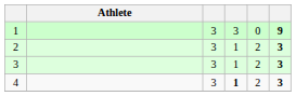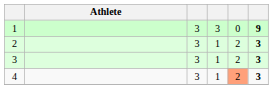 <table class="wikitable" style="text-align: center; font-size:100% ">
 <tr>
 <th width=25></th>
 <th width=250>Athlete</th>
 <th width=25></th>
 <th width=25></th>
 <th width=25></th>
 <th width=25></th>
 </tr>
 <tr bgcolor="ccffcc">
 <td>1</td>
 <td align=left></td>
 <td>3</td>
 <td>3</td>
 <td>0</td>
 <td><strong>9</strong></td>
 </tr>
 <tr bgcolor="ddffdd">
 <td>2</td>
 <td align=left></td>
 <td>3</td>
 <td>1</td>
 <td>2</td>
 <td><strong>3</strong></td>
 </tr>
 <tr bgcolor="ddffdd">
 <td>3</td>
 <td align=left></td>
 <td>3</td>
 <td>1</td>
 <td>2</td>
 <td><strong>3</strong></td>
 </tr>
 <tr>
 <td>4</td>
 <td align=left></td>
 <td>3</td>
-<td><strong>1</strong></td>
-<td>2</td>
+<td>1</td>
+<td style="background: lightsalmon;">2</td>
 <td><strong>3</strong></td>
 </tr>
 <tr>
 </tr>
 </table>
